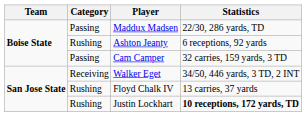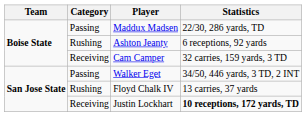 <table class="wikitable" style="float: right;">
 <tr>
 <th>Team</th>
 <th>Category</th>
 <th>Player</th>
 <th>Statistics</th>
 </tr>
 <tr>
 <td rowspan=3><strong>Boise State</strong></td>
 <td>Passing</td>
 <td><a href='#'>Maddux Madsen</a></td>
 <td>22/30, 286 yards, TD</td>
 </tr>
 <tr>
 <td>Rushing</td>
 <td><a href='#'>Ashton Jeanty</a></td>
 <td>6 receptions, 92 yards</td>
 </tr>
 <tr>
-<td>Passing</td>
+<td>Receiving</td>
 <td><a href='#'>Cam Camper</a></td>
 <td>32 carries, 159 yards, 3 TD</td>
 </tr>
 <tr>
 <td rowspan=3><strong>San Jose State</strong></td>
-<td>Receiving</td>
+<td>Passing</td>
 <td><a href='#'>Walker Eget</a></td>
 <td>34/50, 446 yards, 3 TD, 2 INT</td>
 </tr>
 <tr>
 <td>Rushing</td>
 <td>Floyd Chalk IV</td>
 <td>13 carries, 37 yards</td>
 </tr>
 <tr>
-<td>Rushing</td>
+<td>Receiving</td>
 <td>Justin Lockhart</td>
 <td><strong>10 receptions, 172 yards, TD</strong></td>
 </tr>
 </table>
